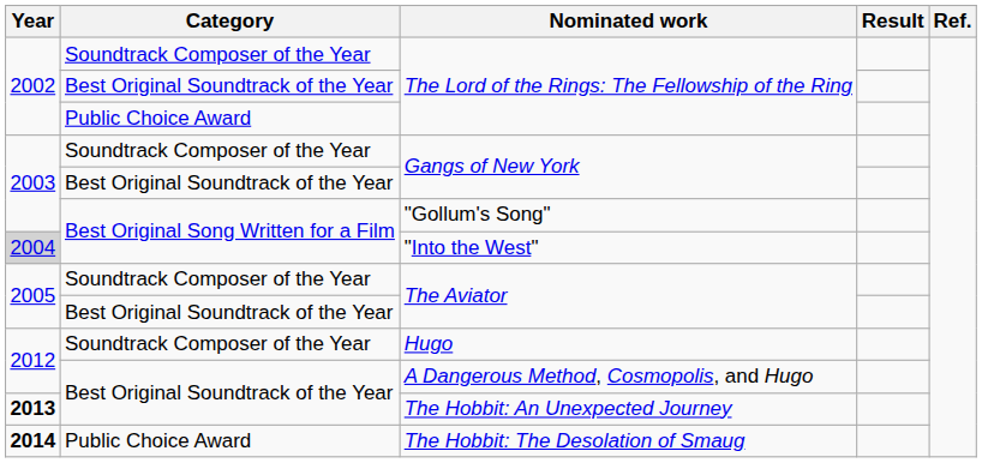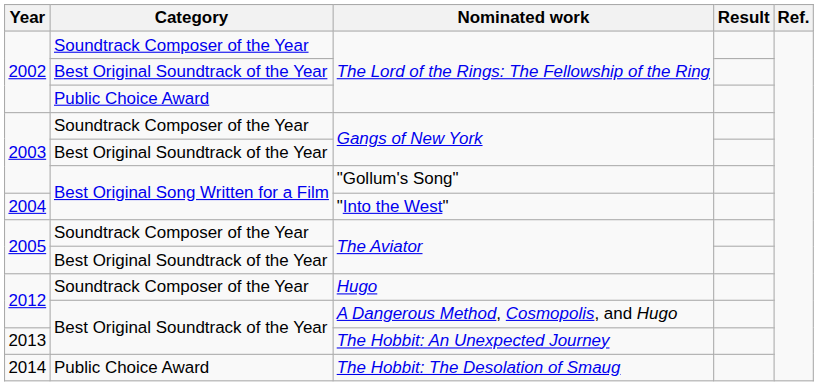 <table class="wikitable">
 <tr>
 <th>Year</th>
 <th>Category</th>
 <th>Nominated work</th>
 <th>Result</th>
 <th>Ref.</th>
 </tr>
 <tr>
 <td rowspan="3"><a href='#'>2002</a></td>
 <td><a href='#'>Soundtrack Composer of the Year</a></td>
 <td rowspan="3"><em><a href='#'>The Lord of the Rings: The Fellowship of the Ring</a></em></td>
 <td></td>
 <td align="center" rowspan="13"></td>
 </tr>
 <tr>
 <td><a href='#'>Best Original Soundtrack of the Year</a></td>
 <td></td>
 </tr>
 <tr>
 <td><a href='#'>Public Choice Award</a></td>
 <td></td>
 </tr>
 <tr>
 <td rowspan="3"><a href='#'>2003</a></td>
 <td>Soundtrack Composer of the Year</td>
 <td rowspan="2"><em><a href='#'>Gangs of New York</a></em></td>
 <td></td>
 </tr>
 <tr>
 <td>Best Original Soundtrack of the Year</td>
 <td></td>
 </tr>
 <tr>
 <td rowspan="2"><a href='#'>Best Original Song Written for a Film</a></td>
 <td>"Gollum's Song"  <br> </td>
 <td></td>
 </tr>
 <tr>
-<td style="background: lightgrey;"><a href='#'>2004</a></td>
+<td><a href='#'>2004</a></td>
 <td>"<a href='#'>Into the West</a>"  <br> </td>
 <td></td>
 </tr>
 <tr>
 <td rowspan="2"><a href='#'>2005</a></td>
 <td>Soundtrack Composer of the Year</td>
 <td rowspan="2"><em><a href='#'>The Aviator</a></em></td>
 <td></td>
 </tr>
 <tr>
 <td>Best Original Soundtrack of the Year</td>
 <td></td>
 </tr>
 <tr>
 <td rowspan="2"><a href='#'>2012</a></td>
 <td>Soundtrack Composer of the Year</td>
 <td><em><a href='#'>Hugo</a></em></td>
 <td></td>
 </tr>
 <tr>
 <td rowspan="2">Best Original Soundtrack of the Year</td>
 <td><em><a href='#'>A Dangerous Method</a></em>, <em><a href='#'>Cosmopolis</a></em>, and <em>Hugo</em></td>
 <td></td>
 </tr>
 <tr>
-<td><strong>2013</strong></td>
+<td>2013</td>
 <td><em><a href='#'>The Hobbit: An Unexpected Journey</a></em></td>
 <td></td>
 </tr>
 <tr>
-<td><strong>2014</strong></td>
+<td>2014</td>
 <td>Public Choice Award</td>
 <td><em><a href='#'>The Hobbit: The Desolation of Smaug</a></em></td>
 <td></td>
 </tr>
 </table>
